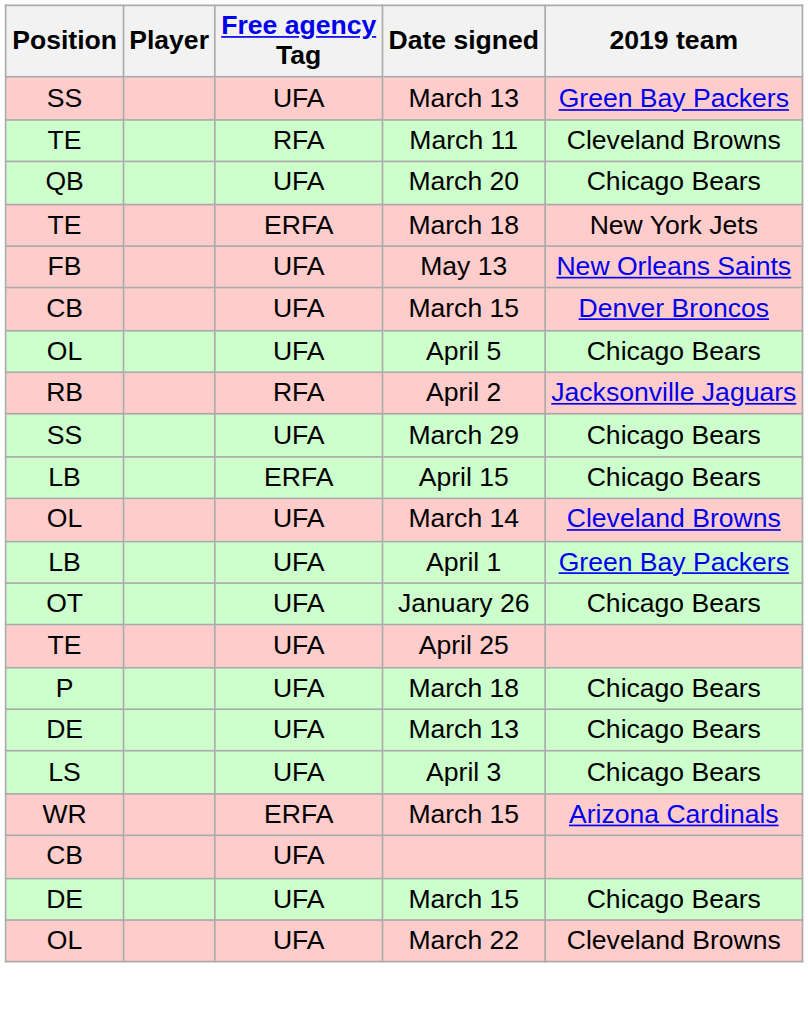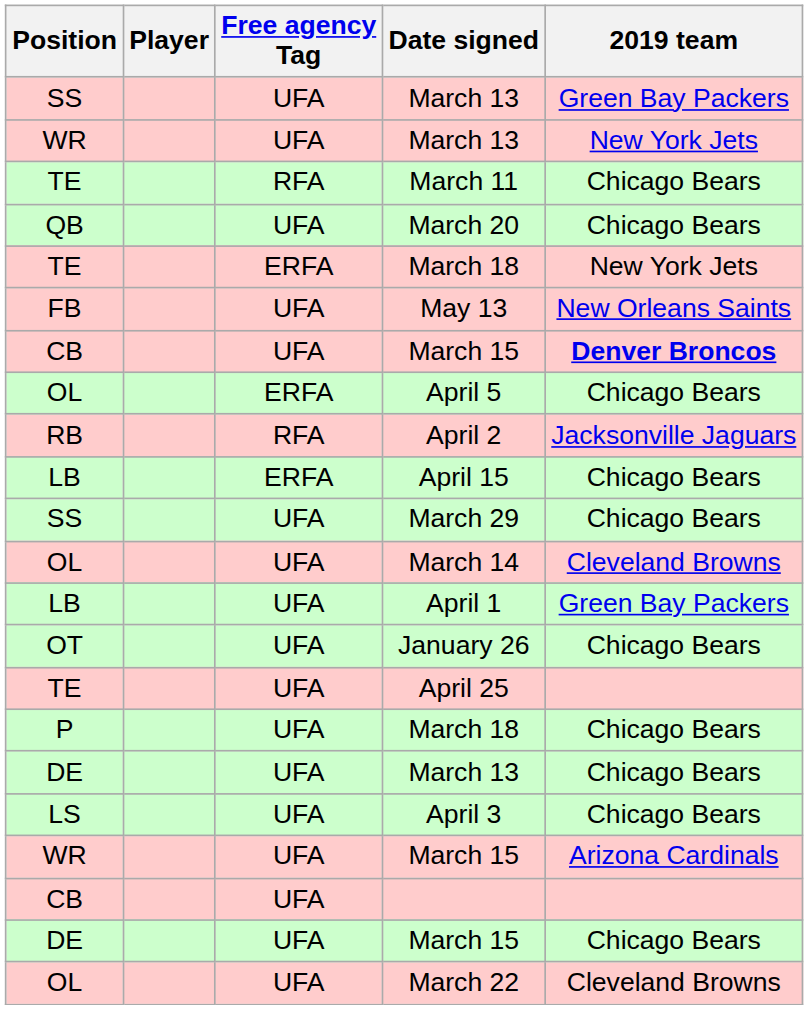 <table class="wikitable sortable" style="float:right;text-align:center">
 <tr>
 <th>Position</th>
 <th>Player</th>
 <th><a href='#'><span>Free agency</span></a><br>Tag</th>
 <th>Date signed</th>
 <th>2019 team</th>
 </tr>
 <tr style="background:#fcc">
 <td>SS</td>
 <td></td>
 <td>UFA</td>
 <td>March 13</td>
 <td><a href='#'>Green Bay Packers</a></td>
 </tr>
+<tr style="background:#fcc">
+<td>WR</td>
+<td></td>
+<td>UFA</td>
+<td>March 13</td>
+<td><a href='#'>New York Jets</a></td>
+</tr>
 <tr style="background:#cfc">
 <td>TE</td>
 <td></td>
 <td>RFA</td>
 <td>March 11</td>
-<td>Cleveland Browns</td>
+<td>Chicago Bears</td>
 </tr>
 <tr style="background:#cfc">
 <td>QB</td>
 <td></td>
 <td>UFA</td>
 <td>March 20</td>
 <td>Chicago Bears</td>
 </tr>
 <tr style="background:#fcc">
 <td>TE</td>
 <td></td>
 <td>ERFA</td>
 <td>March 18</td>
 <td>New York Jets</td>
 </tr>
 <tr style="background:#fcc">
 <td>FB</td>
 <td></td>
 <td>UFA</td>
 <td>May 13</td>
 <td><a href='#'>New Orleans Saints</a></td>
 </tr>
 <tr style="background:#fcc">
 <td>CB</td>
 <td></td>
 <td>UFA</td>
 <td>March 15</td>
-<td><a href='#'>Denver Broncos</a></td>
+<td><strong><a href='#'>Denver Broncos</a></strong></td>
 </tr>
 <tr style="background:#cfc">
 <td>OL</td>
 <td></td>
-<td>UFA</td>
+<td>ERFA</td>
 <td>April 5</td>
 <td>Chicago Bears</td>
 </tr>
 <tr style="background:#fcc">
 <td>RB</td>
 <td></td>
 <td>RFA</td>
 <td>April 2</td>
 <td><a href='#'>Jacksonville Jaguars</a></td>
 </tr>
 <tr style="background:#cfc">
+<td>LB</td>
+<td></td>
+<td>ERFA</td>
+<td>April 15</td>
+<td>Chicago Bears</td>
+</tr>
+<tr style="background:#cfc">
 <td>SS</td>
 <td></td>
 <td>UFA</td>
 <td>March 29</td>
-<td>Chicago Bears</td>
-</tr>
-<tr style="background:#cfc">
-<td>LB</td>
-<td></td>
-<td>ERFA</td>
-<td>April 15</td>
 <td>Chicago Bears</td>
 </tr>
 <tr style="background:#fcc">
 <td>OL</td>
 <td></td>
 <td>UFA</td>
 <td>March 14</td>
 <td><a href='#'>Cleveland Browns</a></td>
 </tr>
 <tr style="background:#cfc">
 <td>LB</td>
 <td></td>
 <td>UFA</td>
 <td>April 1</td>
 <td><a href='#'>Green Bay Packers</a></td>
 </tr>
 <tr style="background:#cfc">
 <td>OT</td>
 <td></td>
 <td>UFA</td>
 <td>January 26</td>
 <td>Chicago Bears</td>
 </tr>
 <tr style="background:#fcc">
 <td>TE</td>
 <td></td>
 <td>UFA</td>
 <td>April 25</td>
 <td></td>
 </tr>
 <tr style="background:#cfc">
 <td>P</td>
 <td></td>
 <td>UFA</td>
 <td>March 18</td>
 <td>Chicago Bears</td>
 </tr>
 <tr style="background:#cfc">
 <td>DE</td>
 <td></td>
 <td>UFA</td>
 <td>March 13</td>
 <td>Chicago Bears</td>
 </tr>
 <tr style="background:#cfc">
 <td>LS</td>
 <td></td>
 <td>UFA</td>
 <td>April 3</td>
 <td>Chicago Bears</td>
 </tr>
 <tr style="background:#fcc">
 <td>WR</td>
 <td></td>
-<td>ERFA</td>
+<td>UFA</td>
 <td>March 15</td>
 <td><a href='#'>Arizona Cardinals</a></td>
 </tr>
 <tr style="background:#fcc">
 <td>CB</td>
 <td></td>
 <td>UFA</td>
 <td></td>
 <td></td>
 </tr>
 <tr style="background:#cfc">
 <td>DE</td>
 <td></td>
 <td>UFA</td>
 <td>March 15</td>
 <td>Chicago Bears</td>
 </tr>
 <tr style="background:#fcc">
 <td>OL</td>
 <td></td>
 <td>UFA</td>
 <td>March 22</td>
 <td>Cleveland Browns</td>
 </tr>
 </table>
